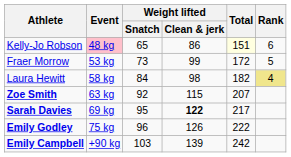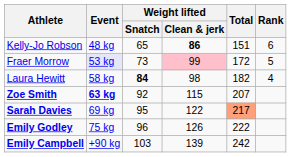 <table class="wikitable" style="font-size:90%">
 <tr>
 <th rowspan="2">Athlete</th>
 <th rowspan="2">Event</th>
 <th colspan="2">Weight lifted</th>
 <th rowspan="2">Total</th>
 <th rowspan="2">Rank</th>
 </tr>
 <tr>
 <th>Snatch</th>
 <th>Clean & jerk</th>
 </tr>
 <tr align=center>
 <td align=left><a href='#'>Kelly-Jo Robson</a></td>
-<td align=left style="background: pink;"><a href='#'>48 kg</a></td>
+<td align=left><a href='#'>48 kg</a></td>
 <td>65</td>
-<td>86</td>
-<td style="background: lightyellow;">151</td>
+<td><strong>86</strong></td>
+<td>151</td>
 <td>6</td>
 </tr>
 <tr align=center>
 <td align=left><a href='#'>Fraer Morrow</a></td>
-<td align=left><a href='#'>53 kg</a></td>
+<td align=left style="background: lavender;"><a href='#'>53 kg</a></td>
 <td>73</td>
-<td>99</td>
+<td style="background: pink;">99</td>
 <td>172</td>
 <td>5</td>
 </tr>
 <tr align=center>
 <td align=left><a href='#'>Laura Hewitt</a></td>
 <td align=left><a href='#'>58 kg</a></td>
-<td>84</td>
+<td><strong>84</strong></td>
 <td>98</td>
 <td>182</td>
-<td style="background: khaki;">4</td>
+<td>4</td>
 </tr>
 <tr align=center>
 <td align=left><strong><a href='#'>Zoe Smith</a></strong></td>
-<td align=left><a href='#'>63 kg</a></td>
+<td align=left><strong><a href='#'>63 kg</a></strong></td>
 <td>92</td>
 <td>115</td>
 <td>207</td>
 <td></td>
 </tr>
 <tr align=center>
 <td align=left><strong><a href='#'>Sarah Davies</a></strong></td>
 <td align=left><a href='#'>69 kg</a></td>
 <td>95</td>
-<td><strong>122</strong></td>
-<td>217</td>
+<td>122</td>
+<td style="background: lightsalmon;">217</td>
 <td></td>
 </tr>
 <tr align=center>
 <td align=left><strong><a href='#'>Emily Godley</a></strong></td>
 <td align=left><a href='#'>75 kg</a></td>
 <td>96</td>
 <td>126</td>
 <td>222</td>
 <td></td>
 </tr>
 <tr align=center>
 <td align=left><strong><a href='#'>Emily Campbell</a></strong></td>
 <td align=left><a href='#'>+90 kg</a></td>
 <td>103</td>
 <td>139</td>
 <td>242</td>
 <td></td>
 </tr>
 </table>
